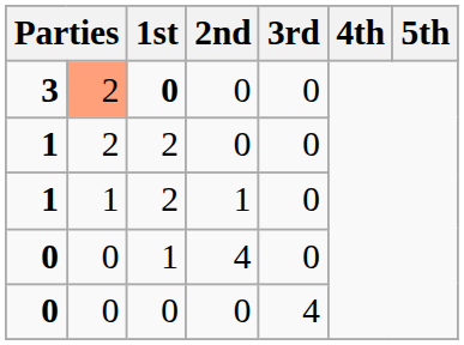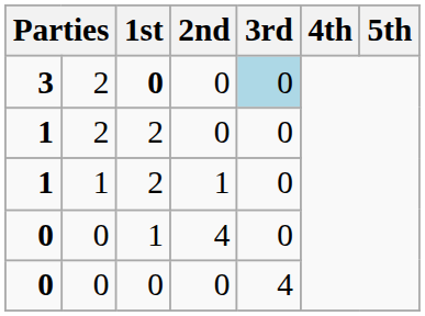 <table class="wikitable" style="text-align:right;">
 <tr>
 <th colspan=2 style="text-align:left;">Parties</th>
 <th>1st</th>
 <th>2nd</th>
 <th>3rd</th>
 <th>4th</th>
 <th>5th</th>
 </tr>
 <tr>
 <td><strong>3</strong></td>
-<td style="background: lightsalmon;">2</td>
+<td>2</td>
 <td><strong>0</strong></td>
 <td>0</td>
-<td>0</td>
+<td style="background: lightblue;">0</td>
 </tr>
 <tr>
 <td><strong>1</strong></td>
 <td>2</td>
 <td>2</td>
 <td>0</td>
 <td>0</td>
 </tr>
 <tr>
 <td><strong>1</strong></td>
 <td>1</td>
 <td>2</td>
 <td>1</td>
 <td>0</td>
 </tr>
 <tr>
 <td><strong>0</strong></td>
 <td>0</td>
 <td>1</td>
 <td>4</td>
 <td>0</td>
 </tr>
 <tr>
 <td><strong>0</strong></td>
 <td>0</td>
 <td>0</td>
 <td>0</td>
 <td>4</td>
 </tr>
 </table>
